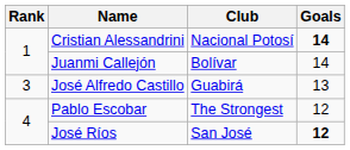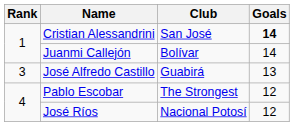 <table class="wikitable" border="1">
 <tr>
 <th>Rank</th>
 <th>Name</th>
 <th>Club</th>
 <th>Goals</th>
 </tr>
 <tr>
 <td rowspan=2 align=center>1</td>
 <td> <a href='#'>Cristian Alessandrini</a></td>
-<td><a href='#'>Nacional Potosí</a></td>
+<td><a href='#'>San José</a></td>
 <td align=center><strong>14</strong></td>
 </tr>
 <tr>
 <td> <a href='#'>Juanmi Callejón</a></td>
 <td><a href='#'>Bolívar</a></td>
 <td align=center>14</td>
 </tr>
 <tr>
 <td align=center>3</td>
 <td> <a href='#'>José Alfredo Castillo</a></td>
 <td><a href='#'>Guabirá</a></td>
 <td align=center>13</td>
 </tr>
 <tr>
 <td rowspan=2 align=center>4</td>
 <td> <a href='#'>Pablo Escobar</a></td>
 <td><a href='#'>The Strongest</a></td>
 <td align=center>12</td>
 </tr>
 <tr>
 <td> <a href='#'>José Ríos</a></td>
-<td><a href='#'>San José</a></td>
-<td align=center><strong>12</strong></td>
+<td><a href='#'>Nacional Potosí</a></td>
+<td align=center>12</td>
 </tr>
 </table>
